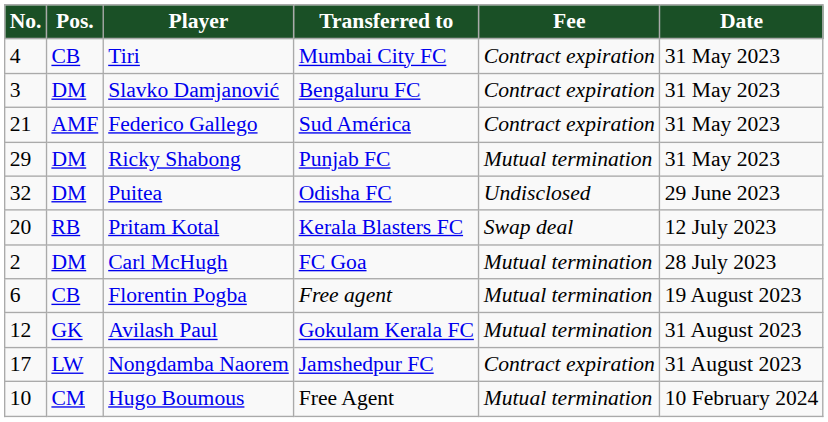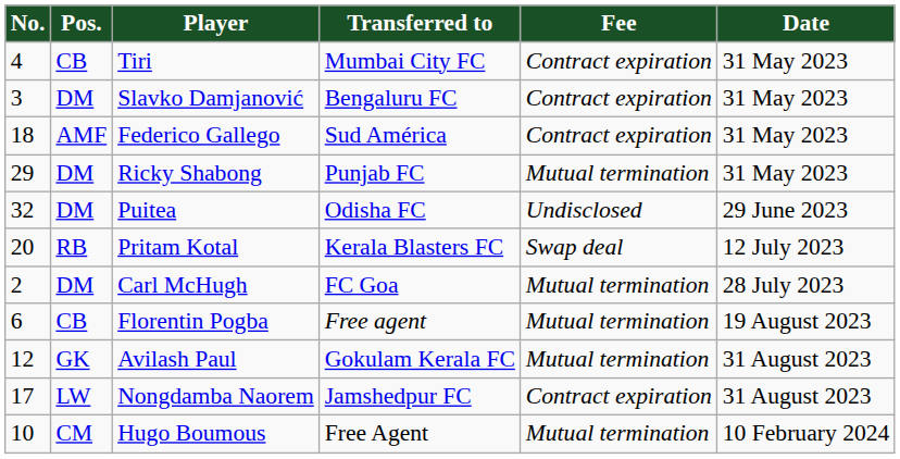 <table class="wikitable plainrowheaders sortable">
 <tr>
 <th style="background:#1A5026; color:#FFFFFF; ">No.</th>
 <th style="background:#1A5026; color:#FFFFFF; ">Pos.</th>
 <th style="background:#1A5026; color:#FFFFFF; ">Player</th>
 <th style="background:#1A5026; color:#FFFFFF; ">Transferred to</th>
 <th style="background:#1A5026; color:#FFFFFF; ">Fee</th>
 <th style="background:#1A5026; color:#FFFFFF; ">Date</th>
 </tr>
 <tr>
 <td>4</td>
 <td><a href='#'>CB</a></td>
 <td> <a href='#'>Tiri</a></td>
 <td> <a href='#'>Mumbai City FC</a></td>
 <td><em>Contract expiration</em></td>
 <td>31 May 2023</td>
 </tr>
 <tr>
 <td>3</td>
 <td><a href='#'>DM</a></td>
 <td> <a href='#'>Slavko Damjanović</a></td>
 <td> <a href='#'>Bengaluru FC</a></td>
 <td><em>Contract expiration</em></td>
 <td>31 May 2023</td>
 </tr>
 <tr>
-<td>21</td>
+<td>18</td>
 <td><a href='#'>AMF</a></td>
 <td> <a href='#'>Federico Gallego</a></td>
 <td> <a href='#'>Sud América</a></td>
 <td><em>Contract expiration</em></td>
 <td>31 May 2023</td>
 </tr>
 <tr>
 <td>29</td>
 <td><a href='#'>DM</a></td>
 <td> <a href='#'>Ricky Shabong</a></td>
 <td> <a href='#'>Punjab FC</a></td>
 <td><em>Mutual termination</em></td>
 <td>31 May 2023</td>
 </tr>
 <tr>
 <td>32</td>
 <td><a href='#'>DM</a></td>
 <td> <a href='#'>Puitea</a></td>
 <td> <a href='#'>Odisha FC </a></td>
 <td><em>Undisclosed</em></td>
 <td>29 June 2023</td>
 </tr>
 <tr>
 <td>20</td>
 <td><a href='#'>RB</a></td>
 <td> <a href='#'>Pritam Kotal</a></td>
 <td> <a href='#'>Kerala Blasters FC</a></td>
 <td><em>Swap deal</em></td>
 <td>12 July 2023</td>
 </tr>
 <tr>
 <td>2</td>
 <td><a href='#'>DM</a></td>
 <td> <a href='#'>Carl McHugh</a></td>
 <td> <a href='#'>FC Goa</a></td>
 <td><em>Mutual termination</em></td>
 <td>28 July 2023</td>
 </tr>
 <tr>
 <td>6</td>
 <td><a href='#'>CB</a></td>
 <td> <a href='#'>Florentin Pogba</a></td>
 <td><em>Free agent</em></td>
 <td><em>Mutual termination</em></td>
 <td>19 August 2023</td>
 </tr>
 <tr>
 <td>12</td>
 <td><a href='#'>GK</a></td>
 <td> <a href='#'>Avilash Paul</a></td>
 <td><a href='#'>Gokulam Kerala FC</a></td>
 <td><em>Mutual termination</em></td>
 <td>31 August 2023</td>
 </tr>
 <tr>
 <td>17</td>
 <td><a href='#'>LW</a></td>
 <td> <a href='#'>Nongdamba Naorem</a></td>
 <td><a href='#'>Jamshedpur FC</a></td>
 <td><em>Contract expiration</em></td>
 <td>31 August 2023</td>
 </tr>
 <tr>
 <td>10</td>
 <td><a href='#'>CM</a></td>
 <td> <a href='#'>Hugo Boumous</a></td>
 <td>Free Agent</td>
 <td><em>Mutual termination</em></td>
 <td>10 February 2024</td>
 </tr>
 </table>
